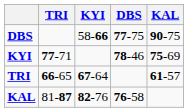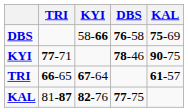 <table class="wikitable">
 <tr>
 <th></th>
 <th> <strong><a href='#'>TRI</a></strong></th>
 <th> <strong><a href='#'>KYI</a></strong></th>
 <th> <strong><a href='#'>DBS</a></strong></th>
 <th> <a href='#'><strong>KAL</strong></a></th>
 </tr>
 <tr>
 <td> <strong><a href='#'>DBS</a></strong></td>
 <td></td>
 <td>58-<strong>66</strong></td>
-<td><strong>77</strong>-75</td>
-<td><strong>90</strong>-75</td>
+<td><strong>76</strong>-58</td>
+<td><strong>75</strong>-69</td>
 </tr>
 <tr>
 <td> <strong><a href='#'>KYI</a></strong></td>
 <td><strong>77</strong>-71</td>
 <td></td>
 <td><strong>78</strong>-46</td>
-<td><strong>75</strong>-69</td>
+<td><strong>90</strong>-75</td>
 </tr>
 <tr>
 <td> <strong><a href='#'>TRI</a></strong></td>
 <td><strong>66</strong>-65</td>
 <td><strong>67</strong>-64</td>
 <td></td>
 <td><strong>61</strong>-57</td>
 </tr>
 <tr>
 <td> <a href='#'><strong>KAL</strong></a></td>
 <td>81-<strong>87</strong></td>
 <td><strong>82</strong>-76</td>
-<td><strong>76</strong>-58</td>
+<td><strong>77</strong>-75</td>
 <td></td>
 </tr>
 </table>
